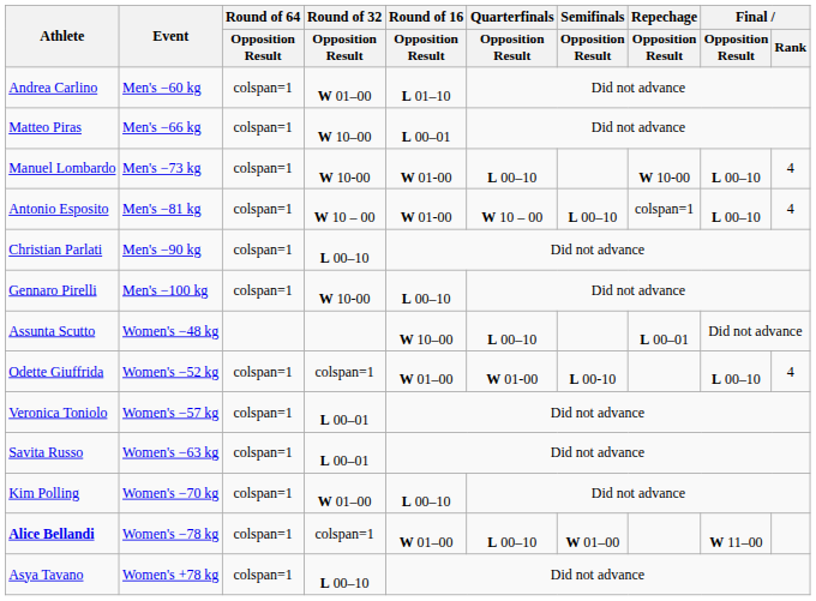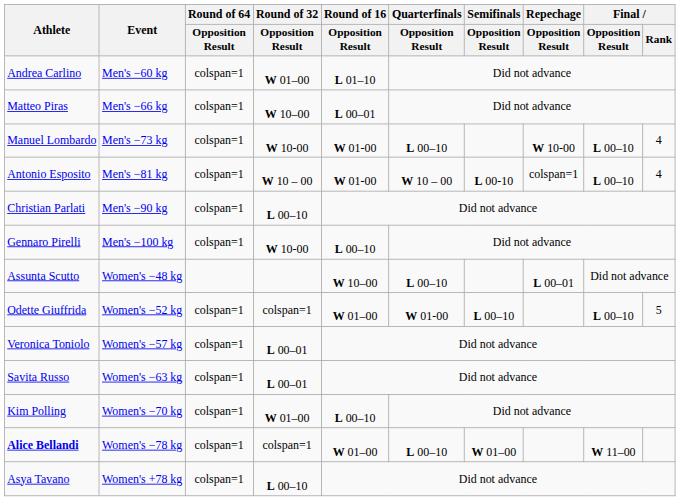 <table class="wikitable" style="font-size:90%">
 <tr>
 <th rowspan="2">Athlete</th>
 <th rowspan="2">Event</th>
 <th>Round of 64</th>
 <th>Round of 32</th>
 <th>Round of 16</th>
 <th>Quarterfinals</th>
 <th>Semifinals</th>
 <th>Repechage</th>
 <th colspan=2>Final / </th>
 </tr>
 <tr style="font-size:95%">
 <th>Opposition<br>Result</th>
 <th>Opposition<br>Result</th>
 <th>Opposition<br>Result</th>
 <th>Opposition<br>Result</th>
 <th>Opposition<br>Result</th>
 <th>Opposition<br>Result</th>
 <th>Opposition<br>Result</th>
 <th>Rank</th>
 </tr>
 <tr align=center>
 <td align=left><a href='#'>Andrea Carlino</a></td>
 <td align=left><a href='#'>Men's −60 kg</a></td>
 <td>colspan=1 </td>
 <td><br><strong>W</strong> 01–00</td>
 <td><br><strong>L</strong> 01–10</td>
 <td colspan=5>Did not advance</td>
 </tr>
 <tr align=center>
 <td align=left><a href='#'>Matteo Piras</a></td>
 <td align=left><a href='#'>Men's −66 kg</a></td>
 <td>colspan=1 </td>
 <td><br><strong>W</strong> 10–00</td>
 <td><br><strong>L</strong> 00–01</td>
 <td colspan=5>Did not advance</td>
 </tr>
 <tr align=center>
 <td align=left><a href='#'>Manuel Lombardo</a></td>
 <td align=left><a href='#'>Men's −73 kg</a></td>
 <td>colspan=1 </td>
 <td><br><strong>W</strong> 10-00</td>
 <td><br><strong>W</strong> 01-00</td>
 <td><br><strong>L</strong> 00–10</td>
 <td></td>
 <td><br><strong>W</strong> 10-00</td>
 <td><br><strong>L</strong> 00–10</td>
 <td>4</td>
 </tr>
 <tr align=center>
 <td align=left><a href='#'>Antonio Esposito</a></td>
 <td align=left><a href='#'>Men's −81 kg</a></td>
 <td>colspan=1 </td>
 <td><br><strong>W</strong> 10 – 00</td>
 <td><br><strong>W</strong> 01-00</td>
 <td><br><strong>W</strong> 10 – 00</td>
-<td><br><strong>L</strong> 00–10</td>
+<td><br><strong>L</strong> 00-10</td>
 <td>colspan=1 </td>
 <td><br><strong>L</strong> 00–10</td>
 <td>4</td>
 </tr>
 <tr align=center>
 <td align=left><a href='#'>Christian Parlati</a></td>
 <td align=left><a href='#'>Men's −90 kg</a></td>
 <td>colspan=1 </td>
 <td><br><strong>L</strong> 00–10</td>
 <td colspan=6>Did not advance</td>
 </tr>
 <tr align=center>
 <td align=left><a href='#'>Gennaro Pirelli</a></td>
 <td align=left><a href='#'>Men's −100 kg</a></td>
 <td>colspan=1 </td>
 <td><br><strong>W</strong> 10-00</td>
 <td><br><strong>L</strong> 00–10</td>
 <td colspan=5>Did not advance</td>
 </tr>
 <tr align=center>
 <td align=left><a href='#'>Assunta Scutto</a></td>
 <td align=left><a href='#'>Women's −48 kg</a></td>
 <td></td>
 <td></td>
 <td><br><strong>W</strong> 10–00</td>
 <td><br><strong>L</strong> 00–10</td>
 <td></td>
 <td><br><strong>L</strong> 00–01</td>
 <td colspan=2>Did not advance</td>
 </tr>
 <tr align=center>
 <td align=left><a href='#'>Odette Giuffrida</a></td>
 <td align=left><a href='#'>Women's −52 kg</a></td>
 <td>colspan=1 </td>
 <td>colspan=1 </td>
 <td><br><strong>W</strong> 01–00</td>
 <td><br><strong>W</strong> 01-00</td>
-<td><br><strong>L</strong> 00-10</td>
+<td><br><strong>L</strong> 00–10</td>
 <td></td>
 <td><br><strong>L</strong> 00–10</td>
-<td>4</td>
+<td>5</td>
 </tr>
 <tr align=center>
 <td align=left><a href='#'>Veronica Toniolo</a></td>
 <td align=left><a href='#'>Women's −57 kg</a></td>
 <td>colspan=1 </td>
 <td><br><strong>L</strong> 00–01</td>
 <td colspan=6>Did not advance</td>
 </tr>
 <tr align=center>
 <td align=left><a href='#'>Savita Russo</a></td>
 <td align=left><a href='#'>Women's −63 kg</a></td>
 <td>colspan=1 </td>
 <td><br><strong>L</strong> 00–01</td>
 <td colspan=6>Did not advance</td>
 </tr>
 <tr align=center>
 <td align=left><a href='#'>Kim Polling</a></td>
 <td align=left><a href='#'>Women's −70 kg</a></td>
 <td>colspan=1 </td>
 <td><br><strong>W</strong> 01–00</td>
 <td><br><strong>L</strong> 00–10</td>
 <td colspan=5>Did not advance</td>
 </tr>
 <tr align=center>
 <td align=left><strong><a href='#'>Alice Bellandi</a></strong></td>
 <td align=left><a href='#'>Women's −78 kg</a></td>
 <td>colspan=1 </td>
 <td>colspan=1 </td>
 <td><br><strong>W</strong> 01–00</td>
 <td><br><strong>L</strong> 00–10</td>
 <td><br><strong>W</strong> 01–00</td>
 <td></td>
 <td><br><strong>W</strong> 11–00</td>
 <td></td>
 </tr>
 <tr align=center>
 <td align=left><a href='#'>Asya Tavano</a></td>
 <td align=left><a href='#'>Women's +78 kg</a></td>
 <td>colspan=1 </td>
 <td><br><strong>L</strong> 00–10</td>
 <td colspan=6>Did not advance</td>
 </tr>
 </table>
